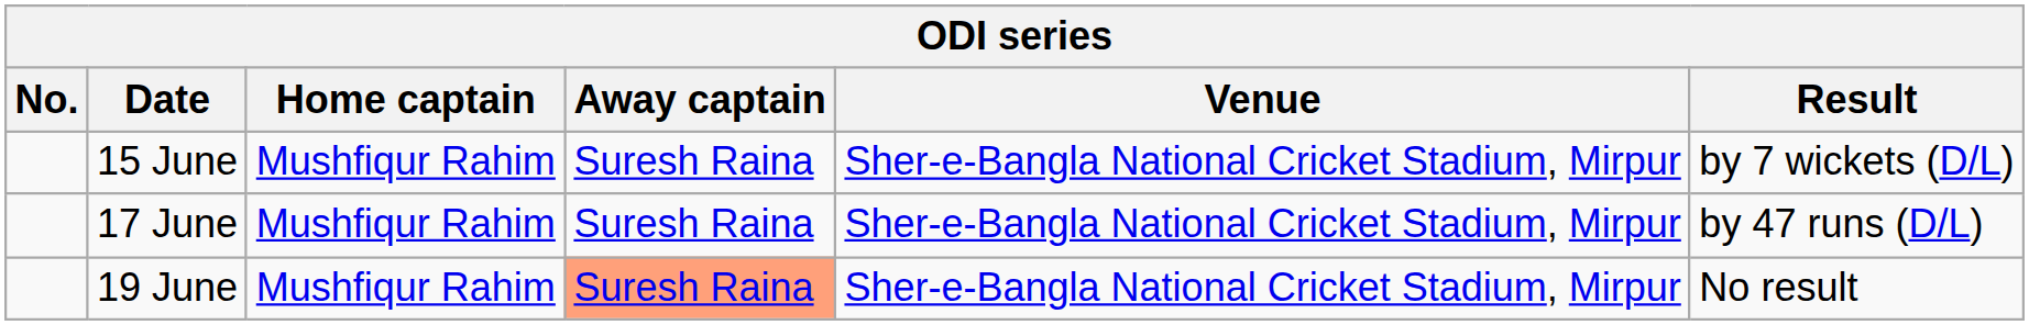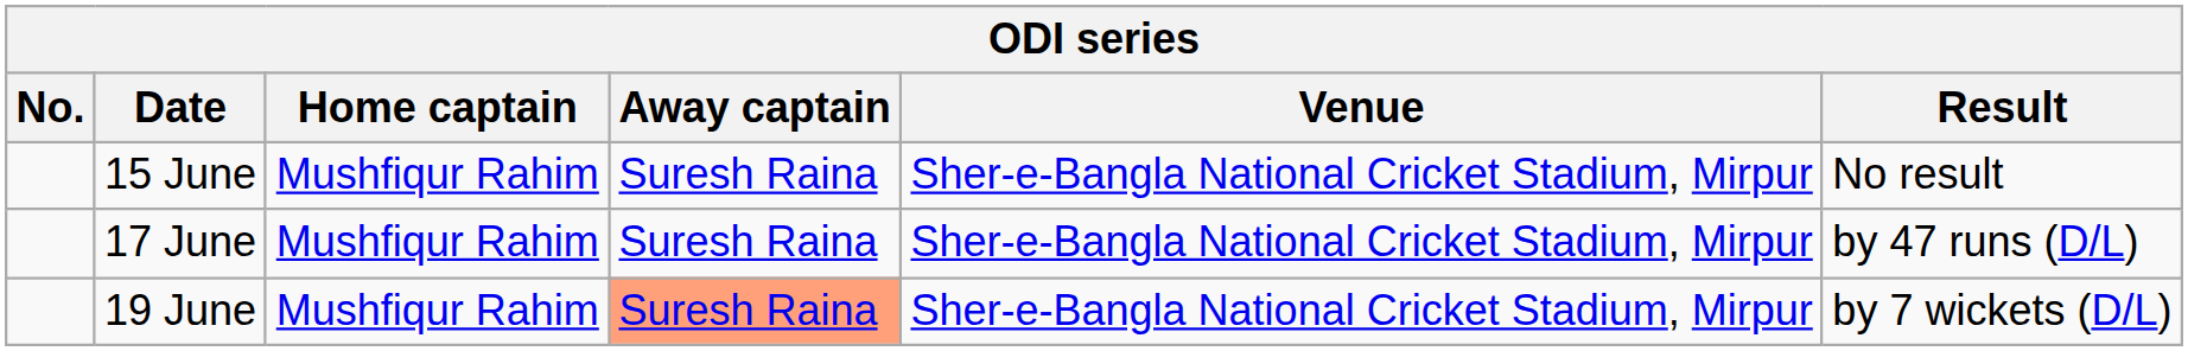 <table class="wikitable">
 <tr>
 <th colspan="9">ODI series</th>
 </tr>
 <tr>
 <th>No.</th>
 <th>Date</th>
 <th>Home captain</th>
 <th>Away captain</th>
 <th>Venue</th>
 <th>Result</th>
 </tr>
 <tr>
 <td></td>
 <td>15 June</td>
 <td><a href='#'>Mushfiqur Rahim</a></td>
 <td><a href='#'>Suresh Raina</a></td>
 <td><a href='#'>Sher-e-Bangla National Cricket Stadium</a>, <a href='#'>Mirpur</a></td>
-<td> by 7 wickets (<a href='#'>D/L</a>)</td>
+<td>No result</td>
 </tr>
 <tr>
 <td></td>
 <td>17 June</td>
 <td><a href='#'>Mushfiqur Rahim</a></td>
 <td><a href='#'>Suresh Raina</a></td>
 <td><a href='#'>Sher-e-Bangla National Cricket Stadium</a>, <a href='#'>Mirpur</a></td>
 <td> by 47 runs (<a href='#'>D/L</a>)</td>
 </tr>
 <tr>
 <td></td>
 <td>19 June</td>
 <td><a href='#'>Mushfiqur Rahim</a></td>
 <td style="background: lightsalmon;"><a href='#'>Suresh Raina</a></td>
 <td><a href='#'>Sher-e-Bangla National Cricket Stadium</a>, <a href='#'>Mirpur</a></td>
-<td>No result</td>
+<td> by 7 wickets (<a href='#'>D/L</a>)</td>
 </tr>
 </table>
